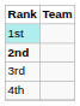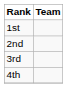 <table class="wikitable collapsible">
 <tr>
 <th style="background:white;">Rank</th>
 <th style="background:white;">Team</th>
 </tr>
 <tr>
-<td style="background: paleturquoise;">1st</td>
+<td>1st</td>
 <td></td>
 </tr>
 <tr>
-<td><strong>2nd</strong></td>
+<td>2nd</td>
 <td></td>
 </tr>
 <tr>
 <td>3rd</td>
 <td></td>
 </tr>
 <tr>
 <td>4th</td>
 <td></td>
 </tr>
 <tr>
 </tr>
 </table>
